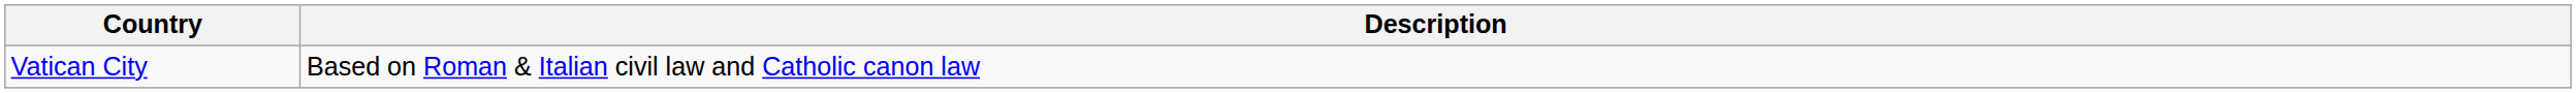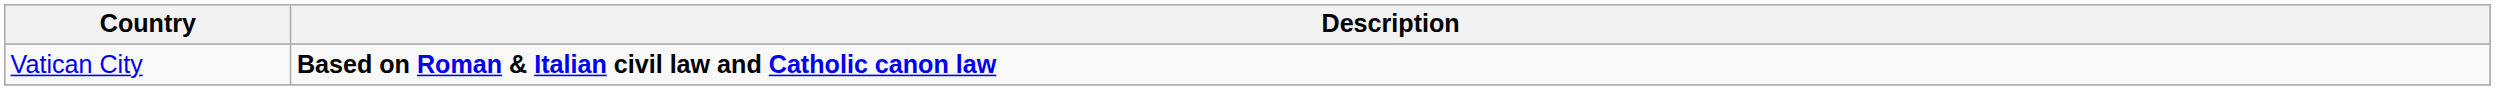 <table style="width:100%;" class="wikitable">
 <tr>
 <th style="width:175px;">Country</th>
 <th>Description</th>
 </tr>
 <tr>
 <td> <a href='#'>Vatican City</a></td>
-<td>Based on <a href='#'>Roman</a> & <a href='#'>Italian</a> civil law and <a href='#'>Catholic canon law</a></td>
+<td><strong>Based on <a href='#'>Roman</a> & <a href='#'>Italian</a> civil law and <a href='#'>Catholic canon law</a></strong></td>
 </tr>
 </table>
